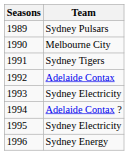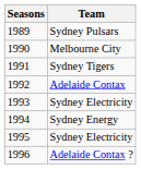 <table class="wikitable collapsible">
 <tr>
 <th>Seasons</th>
 <th>Team</th>
 </tr>
 <tr>
 <td>1989</td>
 <td>Sydney Pulsars</td>
 </tr>
 <tr>
 <td>1990</td>
 <td>Melbourne City</td>
 </tr>
 <tr>
 <td>1991</td>
 <td>Sydney Tigers</td>
 </tr>
 <tr>
 <td>1992</td>
 <td><a href='#'>Adelaide Contax</a></td>
 </tr>
 <tr>
 <td>1993</td>
 <td>Sydney Electricity</td>
 </tr>
 <tr>
 <td>1994</td>
-<td><a href='#'>Adelaide Contax</a> ?</td>
+<td>Sydney Energy</td>
 </tr>
 <tr>
 <td>1995</td>
 <td>Sydney Electricity</td>
 </tr>
 <tr>
 <td>1996</td>
-<td>Sydney Energy</td>
+<td><a href='#'>Adelaide Contax</a> ?</td>
 </tr>
 </table>
